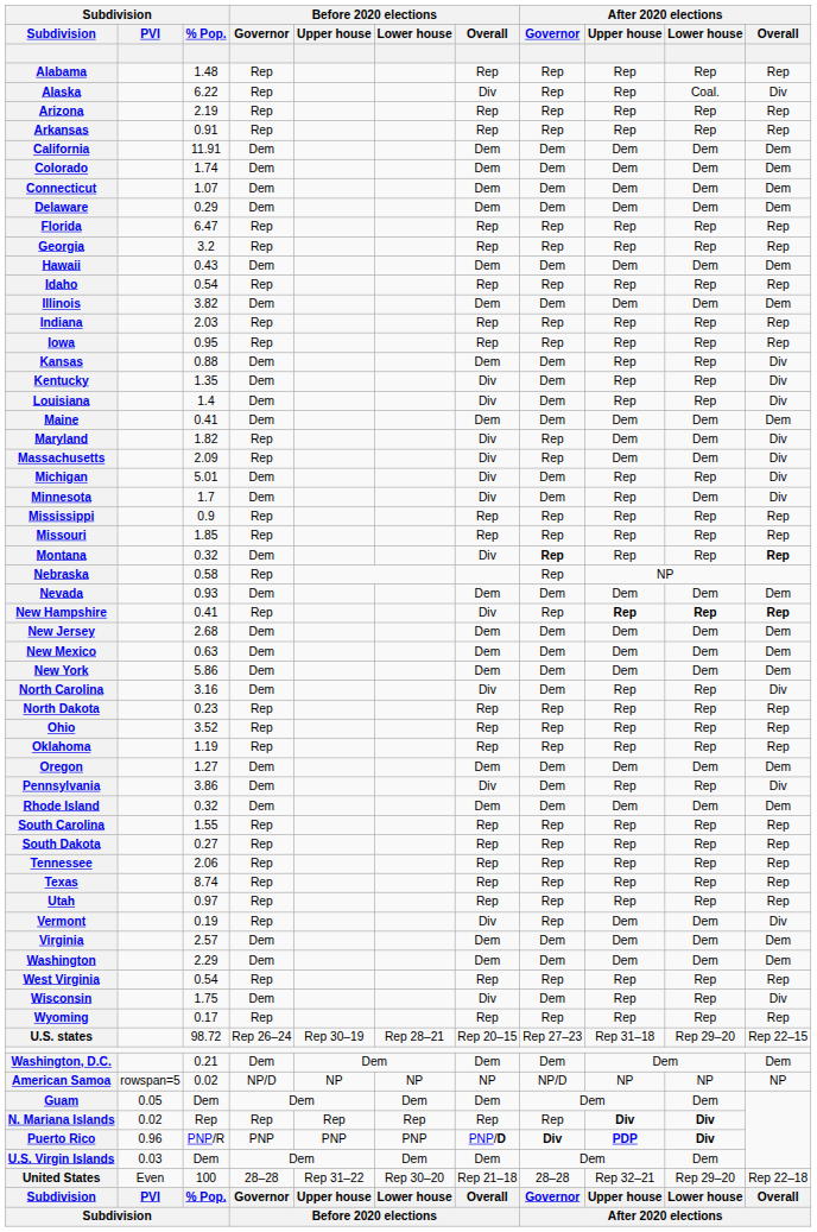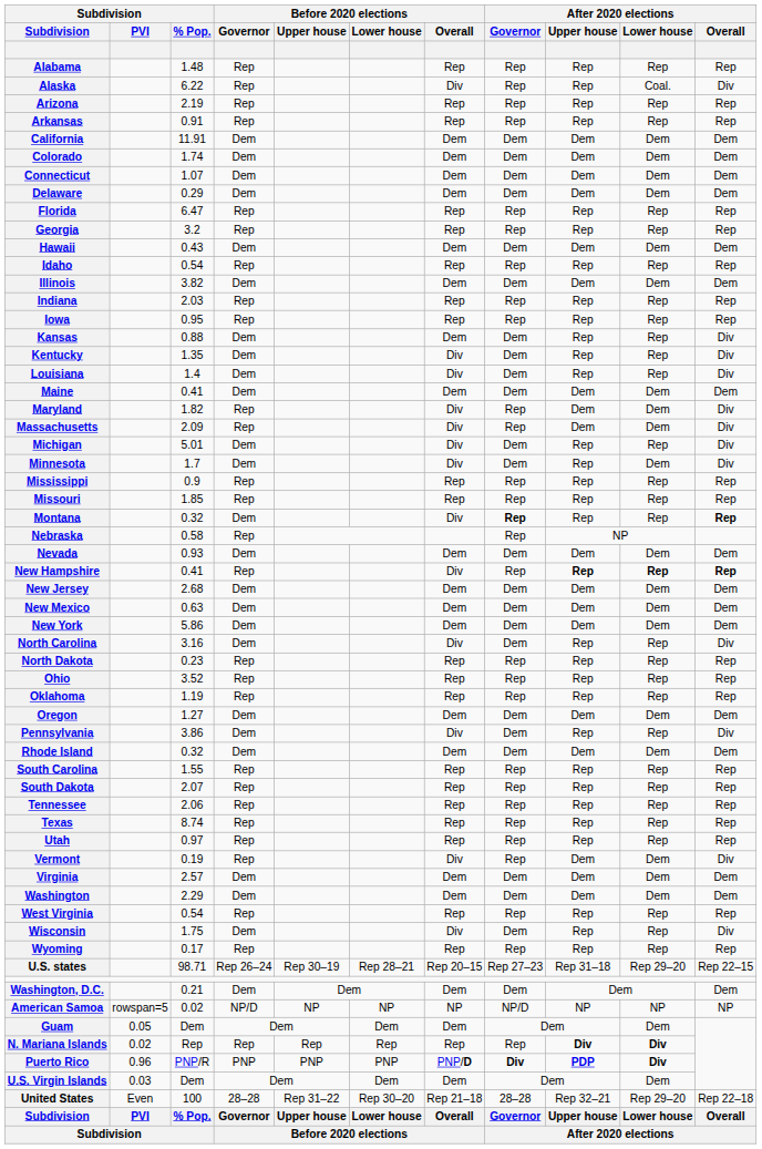 <table class="wikitable sortable plainrowheaders" style="text-align: center;">
 <tr>
 <th scope="col" colspan= 3>Subdivision</th>
 <th scope="col" colspan= 4>Before 2020 elections</th>
 <th scope="col" colspan= 4>After 2020 elections</th>
 </tr>
 <tr>
 <th><a href='#'>Subdivision</a></th>
 <th data-sort-type="number"><a href='#'>PVI</a></th>
 <th><a href='#'>% Pop.</a></th>
 <th>Governor</th>
 <th>Upper house</th>
 <th>Lower house</th>
 <th>Overall</th>
 <th><a href='#'>Governor</a></th>
 <th>Upper house</th>
 <th>Lower house</th>
 <th>Overall</th>
 </tr>
 <tr>
 <th> </th>
 <th></th>
 <th></th>
 <th></th>
 <th></th>
 <th></th>
 <th></th>
 <th></th>
 <th></th>
 <th></th>
 <th></th>
 </tr>
 <tr>
 <th scope="row"><a href='#'>Alabama</a></th>
 <td></td>
 <td>1.48</td>
 <td>Rep</td>
 <td></td>
 <td></td>
 <td>Rep</td>
 <td>Rep</td>
 <td>Rep</td>
 <td>Rep</td>
 <td>Rep</td>
 </tr>
 <tr>
 <th scope="row"><a href='#'>Alaska</a></th>
 <td></td>
 <td>6.22</td>
 <td>Rep</td>
 <td></td>
 <td></td>
 <td>Div</td>
 <td>Rep</td>
 <td>Rep</td>
 <td>Coal.</td>
 <td>Div</td>
 </tr>
 <tr>
 <th scope="row"><a href='#'>Arizona</a></th>
 <td></td>
 <td>2.19</td>
 <td>Rep</td>
 <td></td>
 <td></td>
 <td>Rep</td>
 <td>Rep</td>
 <td>Rep</td>
 <td>Rep</td>
 <td>Rep</td>
 </tr>
 <tr>
 <th scope="row"><a href='#'>Arkansas</a></th>
 <td></td>
 <td>0.91</td>
 <td>Rep</td>
 <td></td>
 <td></td>
 <td>Rep</td>
 <td>Rep</td>
 <td>Rep</td>
 <td>Rep</td>
 <td>Rep</td>
 </tr>
 <tr>
 <th scope="row"><a href='#'>California</a></th>
 <td></td>
 <td>11.91</td>
 <td>Dem</td>
 <td></td>
 <td></td>
 <td>Dem</td>
 <td>Dem</td>
 <td>Dem</td>
 <td>Dem</td>
 <td>Dem</td>
 </tr>
 <tr>
 <th scope="row"><a href='#'>Colorado</a></th>
 <td></td>
 <td>1.74</td>
 <td>Dem</td>
 <td></td>
 <td></td>
 <td>Dem</td>
 <td>Dem</td>
 <td>Dem</td>
 <td>Dem</td>
 <td>Dem</td>
 </tr>
 <tr>
 <th scope="row"><a href='#'>Connecticut</a></th>
 <td></td>
 <td>1.07</td>
 <td>Dem</td>
 <td></td>
 <td></td>
 <td>Dem</td>
 <td>Dem</td>
 <td>Dem</td>
 <td>Dem</td>
 <td>Dem</td>
 </tr>
 <tr>
 <th scope="row"><a href='#'>Delaware</a></th>
 <td></td>
 <td>0.29</td>
 <td>Dem</td>
 <td></td>
 <td></td>
 <td>Dem</td>
 <td>Dem</td>
 <td>Dem</td>
 <td>Dem</td>
 <td>Dem</td>
 </tr>
 <tr>
 <th scope="row"><a href='#'>Florida</a></th>
 <td></td>
 <td>6.47</td>
 <td>Rep</td>
 <td></td>
 <td></td>
 <td>Rep</td>
 <td>Rep</td>
 <td>Rep</td>
 <td>Rep</td>
 <td>Rep</td>
 </tr>
 <tr>
 <th scope="row"><a href='#'>Georgia</a></th>
 <td></td>
 <td>3.2</td>
 <td>Rep</td>
 <td></td>
 <td></td>
 <td>Rep</td>
 <td>Rep</td>
 <td>Rep</td>
 <td>Rep</td>
 <td>Rep</td>
 </tr>
 <tr>
 <th scope="row"><a href='#'>Hawaii</a></th>
 <td></td>
 <td>0.43</td>
 <td>Dem</td>
 <td></td>
 <td></td>
 <td>Dem</td>
 <td>Dem</td>
 <td>Dem</td>
 <td>Dem</td>
 <td>Dem</td>
 </tr>
 <tr>
 <th scope="row"><a href='#'>Idaho</a></th>
 <td></td>
 <td>0.54</td>
 <td>Rep</td>
 <td></td>
 <td></td>
 <td>Rep</td>
 <td>Rep</td>
 <td>Rep</td>
 <td>Rep</td>
 <td>Rep</td>
 </tr>
 <tr>
 <th scope="row"><a href='#'>Illinois</a></th>
 <td></td>
 <td>3.82</td>
 <td>Dem</td>
 <td></td>
 <td></td>
 <td>Dem</td>
 <td>Dem</td>
 <td>Dem</td>
 <td>Dem</td>
 <td>Dem</td>
 </tr>
 <tr>
 <th scope="row"><a href='#'>Indiana</a></th>
 <td></td>
 <td>2.03</td>
 <td>Rep</td>
 <td></td>
 <td></td>
 <td>Rep</td>
 <td>Rep</td>
 <td>Rep</td>
 <td>Rep</td>
 <td>Rep</td>
 </tr>
 <tr>
 <th scope="row"><a href='#'>Iowa</a></th>
 <td></td>
 <td>0.95</td>
 <td>Rep</td>
 <td></td>
 <td></td>
 <td>Rep</td>
 <td>Rep</td>
 <td>Rep</td>
 <td>Rep</td>
 <td>Rep</td>
 </tr>
 <tr>
 <th scope="row"><a href='#'>Kansas</a></th>
 <td></td>
 <td>0.88</td>
 <td>Dem</td>
 <td></td>
 <td></td>
 <td>Dem</td>
 <td>Dem</td>
 <td>Rep</td>
 <td>Rep</td>
 <td>Div</td>
 </tr>
 <tr>
 <th scope="row"><a href='#'>Kentucky</a></th>
 <td></td>
 <td>1.35</td>
 <td>Dem</td>
 <td></td>
 <td></td>
 <td>Div</td>
 <td>Dem</td>
 <td>Rep</td>
 <td>Rep</td>
 <td>Div</td>
 </tr>
 <tr>
 <th scope="row"><a href='#'>Louisiana</a></th>
 <td></td>
 <td>1.4</td>
 <td>Dem</td>
 <td></td>
 <td></td>
 <td>Div</td>
 <td>Dem</td>
 <td>Rep</td>
 <td>Rep</td>
 <td>Div</td>
 </tr>
 <tr>
 <th scope="row"><a href='#'>Maine</a></th>
 <td></td>
 <td>0.41</td>
 <td>Dem</td>
 <td></td>
 <td></td>
 <td>Dem</td>
 <td>Dem</td>
 <td>Dem</td>
 <td>Dem</td>
 <td>Dem</td>
 </tr>
 <tr>
 <th scope="row"><a href='#'>Maryland</a></th>
 <td></td>
 <td>1.82</td>
 <td>Rep</td>
 <td></td>
 <td></td>
 <td>Div</td>
 <td>Rep</td>
 <td>Dem</td>
 <td>Dem</td>
 <td>Div</td>
 </tr>
 <tr>
 <th scope="row"><a href='#'>Massachusetts</a></th>
 <td></td>
 <td>2.09</td>
 <td>Rep</td>
 <td></td>
 <td></td>
 <td>Div</td>
 <td>Rep</td>
 <td>Dem</td>
 <td>Dem</td>
 <td>Div</td>
 </tr>
 <tr>
 <th scope="row"><a href='#'>Michigan</a></th>
 <td></td>
 <td>5.01</td>
 <td>Dem</td>
 <td></td>
 <td></td>
 <td>Div</td>
 <td>Dem</td>
 <td>Rep</td>
 <td>Rep</td>
 <td>Div</td>
 </tr>
 <tr>
 <th scope="row"><a href='#'>Minnesota</a></th>
 <td></td>
 <td>1.7</td>
 <td>Dem</td>
 <td></td>
 <td></td>
 <td>Div</td>
 <td>Dem</td>
 <td>Rep</td>
 <td>Dem</td>
 <td>Div</td>
 </tr>
 <tr>
 <th scope="row"><a href='#'>Mississippi</a></th>
 <td></td>
 <td>0.9</td>
 <td>Rep</td>
 <td></td>
 <td></td>
 <td>Rep</td>
 <td>Rep</td>
 <td>Rep</td>
 <td>Rep</td>
 <td>Rep</td>
 </tr>
 <tr>
 <th scope="row"><a href='#'>Missouri</a></th>
 <td></td>
 <td>1.85</td>
 <td>Rep</td>
 <td></td>
 <td></td>
 <td>Rep</td>
 <td>Rep</td>
 <td>Rep</td>
 <td>Rep</td>
 <td>Rep</td>
 </tr>
 <tr>
 <th scope="row"><a href='#'>Montana</a></th>
 <td></td>
 <td>0.32</td>
 <td>Dem</td>
 <td></td>
 <td></td>
 <td>Div</td>
 <td><strong>Rep</strong></td>
 <td>Rep</td>
 <td>Rep</td>
 <td><strong>Rep</strong></td>
 </tr>
 <tr>
 <th scope="row"><a href='#'>Nebraska</a></th>
 <td></td>
 <td>0.58</td>
 <td>Rep</td>
 <td colspan=2 ></td>
 <td></td>
 <td>Rep</td>
 <td colspan=2 >NP</td>
 <td></td>
 </tr>
 <tr>
 <th scope="row"><a href='#'>Nevada</a></th>
 <td></td>
 <td>0.93</td>
 <td>Dem</td>
 <td></td>
 <td></td>
 <td>Dem</td>
 <td>Dem</td>
 <td>Dem</td>
 <td>Dem</td>
 <td>Dem</td>
 </tr>
 <tr>
 <th scope="row"><a href='#'>New Hampshire</a></th>
 <td></td>
 <td>0.41</td>
 <td>Rep</td>
 <td></td>
 <td></td>
 <td>Div</td>
 <td>Rep</td>
 <td><strong>Rep</strong></td>
 <td><strong>Rep</strong></td>
 <td><strong>Rep</strong></td>
 </tr>
 <tr>
 <th scope="row"><a href='#'>New Jersey</a></th>
 <td></td>
 <td>2.68</td>
 <td>Dem</td>
 <td></td>
 <td></td>
 <td>Dem</td>
 <td>Dem</td>
 <td>Dem</td>
 <td>Dem</td>
 <td>Dem</td>
 </tr>
 <tr>
 <th scope="row"><a href='#'>New Mexico</a></th>
 <td></td>
 <td>0.63</td>
 <td>Dem</td>
 <td></td>
 <td></td>
 <td>Dem</td>
 <td>Dem</td>
 <td>Dem</td>
 <td>Dem</td>
 <td>Dem</td>
 </tr>
 <tr>
 <th scope="row"><a href='#'>New York</a></th>
 <td></td>
 <td>5.86</td>
 <td>Dem</td>
 <td></td>
 <td></td>
 <td>Dem</td>
 <td>Dem</td>
 <td>Dem</td>
 <td>Dem</td>
 <td>Dem</td>
 </tr>
 <tr>
 <th scope="row"><a href='#'>North Carolina</a></th>
 <td></td>
 <td>3.16</td>
 <td>Dem</td>
 <td></td>
 <td></td>
 <td>Div</td>
 <td>Dem</td>
 <td>Rep</td>
 <td>Rep</td>
 <td>Div</td>
 </tr>
 <tr>
 <th scope="row"><a href='#'>North Dakota</a></th>
 <td></td>
 <td>0.23</td>
 <td>Rep</td>
 <td></td>
 <td></td>
 <td>Rep</td>
 <td>Rep</td>
 <td>Rep</td>
 <td>Rep</td>
 <td>Rep</td>
 </tr>
 <tr>
 <th scope="row"><a href='#'>Ohio</a></th>
 <td></td>
 <td>3.52</td>
 <td>Rep</td>
 <td></td>
 <td></td>
 <td>Rep</td>
 <td>Rep</td>
 <td>Rep</td>
 <td>Rep</td>
 <td>Rep</td>
 </tr>
 <tr>
 <th scope="row"><a href='#'>Oklahoma</a></th>
 <td></td>
 <td>1.19</td>
 <td>Rep</td>
 <td></td>
 <td></td>
 <td>Rep</td>
 <td>Rep</td>
 <td>Rep</td>
 <td>Rep</td>
 <td>Rep</td>
 </tr>
 <tr>
 <th scope="row"><a href='#'>Oregon</a></th>
 <td></td>
 <td>1.27</td>
 <td>Dem</td>
 <td></td>
 <td></td>
 <td>Dem</td>
 <td>Dem</td>
 <td>Dem</td>
 <td>Dem</td>
 <td>Dem</td>
 </tr>
 <tr>
 <th scope="row"><a href='#'>Pennsylvania</a></th>
 <td></td>
 <td>3.86</td>
 <td>Dem</td>
 <td></td>
 <td></td>
 <td>Div</td>
 <td>Dem</td>
 <td>Rep</td>
 <td>Rep</td>
 <td>Div</td>
 </tr>
 <tr>
 <th scope="row"><a href='#'>Rhode Island</a></th>
 <td></td>
 <td>0.32</td>
 <td>Dem</td>
 <td></td>
 <td></td>
 <td>Dem</td>
 <td>Dem</td>
 <td>Dem</td>
 <td>Dem</td>
 <td>Dem</td>
 </tr>
 <tr>
 <th scope="row"><a href='#'>South Carolina</a></th>
 <td></td>
 <td>1.55</td>
 <td>Rep</td>
 <td></td>
 <td></td>
 <td>Rep</td>
 <td>Rep</td>
 <td>Rep</td>
 <td>Rep</td>
 <td>Rep</td>
 </tr>
 <tr>
 <th scope="row"><a href='#'>South Dakota</a></th>
 <td></td>
-<td>0.27</td>
+<td>2.07</td>
 <td>Rep</td>
 <td></td>
 <td></td>
 <td>Rep</td>
 <td>Rep</td>
 <td>Rep</td>
 <td>Rep</td>
 <td>Rep</td>
 </tr>
 <tr>
 <th scope="row"><a href='#'>Tennessee</a></th>
 <td></td>
 <td>2.06</td>
 <td>Rep</td>
 <td></td>
 <td></td>
 <td>Rep</td>
 <td>Rep</td>
 <td>Rep</td>
 <td>Rep</td>
 <td>Rep</td>
 </tr>
 <tr>
 <th scope="row"><a href='#'>Texas</a></th>
 <td></td>
 <td>8.74</td>
 <td>Rep</td>
 <td></td>
 <td></td>
 <td>Rep</td>
 <td>Rep</td>
 <td>Rep</td>
 <td>Rep</td>
 <td>Rep</td>
 </tr>
 <tr>
 <th scope="row"><a href='#'>Utah</a></th>
 <td></td>
 <td>0.97</td>
 <td>Rep</td>
 <td></td>
 <td></td>
 <td>Rep</td>
 <td>Rep</td>
 <td>Rep</td>
 <td>Rep</td>
 <td>Rep</td>
 </tr>
 <tr>
 <th scope="row"><a href='#'>Vermont</a></th>
 <td></td>
 <td>0.19</td>
 <td>Rep</td>
 <td></td>
 <td></td>
 <td>Div</td>
 <td>Rep</td>
 <td>Dem</td>
 <td>Dem</td>
 <td>Div</td>
 </tr>
 <tr>
 <th scope="row"><a href='#'>Virginia</a></th>
 <td></td>
 <td>2.57</td>
 <td>Dem</td>
 <td></td>
 <td></td>
 <td>Dem</td>
 <td>Dem</td>
 <td>Dem</td>
 <td>Dem</td>
 <td>Dem</td>
 </tr>
 <tr>
 <th scope="row"><a href='#'>Washington</a></th>
 <td></td>
 <td>2.29</td>
 <td>Dem</td>
 <td></td>
 <td></td>
 <td>Dem</td>
 <td>Dem</td>
 <td>Dem</td>
 <td>Dem</td>
 <td>Dem</td>
 </tr>
 <tr>
 <th scope="row"><a href='#'>West Virginia</a></th>
 <td></td>
 <td>0.54</td>
 <td>Rep</td>
 <td></td>
 <td></td>
 <td>Rep</td>
 <td>Rep</td>
 <td>Rep</td>
 <td>Rep</td>
 <td>Rep</td>
 </tr>
 <tr>
 <th scope="row"><a href='#'>Wisconsin</a></th>
 <td></td>
 <td>1.75</td>
 <td>Dem</td>
 <td></td>
 <td></td>
 <td>Div</td>
 <td>Dem</td>
 <td>Rep</td>
 <td>Rep</td>
 <td>Div</td>
 </tr>
 <tr>
 <th scope="row"><a href='#'>Wyoming</a></th>
 <td></td>
 <td>0.17</td>
 <td>Rep</td>
 <td></td>
 <td></td>
 <td>Rep</td>
 <td>Rep</td>
 <td>Rep</td>
 <td>Rep</td>
 <td>Rep</td>
 </tr>
 <tr class="sortbottom" |>
 <th scope="row">U.S. states</th>
 <td></td>
-<td>98.72</td>
+<td>98.71</td>
 <td>Rep 26–24</td>
 <td>Rep 30–19</td>
 <td>Rep 28–21</td>
 <td>Rep 20–15</td>
 <td>Rep 27–23</td>
 <td>Rep 31–18</td>
 <td>Rep 29–20</td>
 <td>Rep 22–15</td>
 </tr>
 <tr class="sortbottom">
 <td colspan=11></td>
 </tr>
 <tr class="sortbottom" |>
 <th scope="row"><a href='#'>Washington, D.C.</a></th>
 <td></td>
 <td>0.21</td>
 <td>Dem</td>
 <td colspan=2 >Dem</td>
 <td>Dem</td>
 <td>Dem</td>
 <td colspan=2 >Dem</td>
 <td>Dem</td>
 </tr>
 <tr class="sortbottom" |>
 <th scope="row"><a href='#'>American Samoa</a></th>
 <td>rowspan=5 </td>
 <td>0.02</td>
 <td>NP/D</td>
 <td>NP</td>
 <td>NP</td>
 <td>NP</td>
 <td>NP/D</td>
 <td>NP</td>
 <td>NP</td>
 <td>NP</td>
 </tr>
 <tr class="sortbottom" |>
 <th scope="row"><a href='#'>Guam</a></th>
 <td>0.05</td>
 <td>Dem</td>
 <td colspan=2 >Dem</td>
 <td>Dem</td>
 <td>Dem</td>
 <td colspan=2 >Dem</td>
 <td>Dem</td>
 </tr>
 <tr class="sortbottom" |>
 <th scope="row"><a href='#'>N. Mariana Islands</a></th>
 <td>0.02</td>
 <td>Rep</td>
 <td>Rep</td>
 <td>Rep</td>
 <td>Rep</td>
 <td>Rep</td>
 <td>Rep</td>
 <td><strong>Div</strong></td>
 <td><strong>Div</strong></td>
 </tr>
 <tr class="sortbottom" |>
 <th scope="row"><a href='#'>Puerto Rico</a></th>
 <td>0.96</td>
 <td><a href='#'>PNP</a>/R</td>
 <td>PNP</td>
 <td>PNP</td>
 <td>PNP</td>
 <td><a href='#'>PNP</a>/<strong>D</strong></td>
 <td><strong>Div</strong></td>
 <td><strong><a href='#'>PDP</a></strong></td>
 <td><strong>Div</strong></td>
 </tr>
 <tr class="sortbottom" |>
 <th scope="row"><a href='#'>U.S. Virgin Islands</a></th>
 <td>0.03</td>
 <td>Dem</td>
 <td colspan=2 >Dem</td>
 <td>Dem</td>
 <td>Dem</td>
 <td colspan=2 >Dem</td>
 <td>Dem</td>
 </tr>
 <tr class="sortbottom" |>
 <th scope="row">United States</th>
 <td>Even</td>
 <td>100</td>
 <td>28–28</td>
 <td>Rep 31–22</td>
 <td>Rep 30–20</td>
 <td>Rep 21–18</td>
 <td>28–28</td>
 <td>Rep 32–21</td>
 <td>Rep 29–20</td>
 <td>Rep 22–18</td>
 </tr>
 <tr class="sortbottom">
 <th><a href='#'>Subdivision</a></th>
 <th data-sort-type="number"><a href='#'>PVI</a></th>
 <th><a href='#'>% Pop.</a></th>
 <th>Governor</th>
 <th>Upper house</th>
 <th>Lower house</th>
 <th>Overall</th>
 <th><a href='#'>Governor</a></th>
 <th>Upper house</th>
 <th>Lower house</th>
 <th>Overall</th>
 </tr>
 <tr>
 <th colspan=3>Subdivision</th>
 <th colspan=4>Before 2020 elections</th>
 <th colspan=4>After 2020 elections</th>
 </tr>
 </table>
